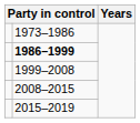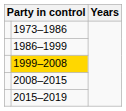 <table class="wikitable">
 <tr>
 <th colspan="2">Party in control</th>
 <th>Years</th>
 </tr>
 <tr>
 <td></td>
 <td>1973–1986</td>
 </tr>
 <tr>
 <td></td>
-<td><strong>1986–1999</strong></td>
+<td>1986–1999</td>
 </tr>
 <tr>
 <td></td>
-<td>1999–2008</td>
+<td style="background: gold;">1999–2008</td>
 </tr>
 <tr>
 <td></td>
 <td>2008–2015</td>
 </tr>
 <tr>
 <td></td>
 <td>2015–2019</td>
 </tr>
 </table>
